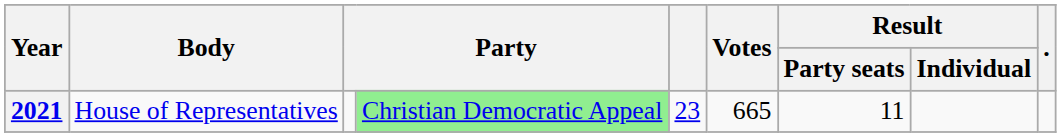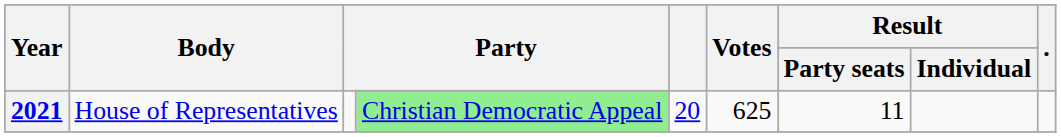 <table class="wikitable plainrowheaders sortable" border=2 cellpadding=4 cellspacing=0 style="border: 1px #aaa solid; font-size: 90%; text-align:center;">
 <tr>
 <th scope="col" rowspan=2>Year</th>
 <th scope="col" rowspan=2>Body</th>
 <th scope="col" colspan=2 rowspan=2>Party</th>
 <th scope="col" rowspan=2></th>
 <th scope="col" rowspan=2>Votes</th>
 <th scope="colgroup" colspan=2>Result</th>
 <th scope="col" rowspan=2 class="unsortable">.</th>
 </tr>
 <tr>
 <th scope="col">Party seats</th>
 <th scope="col">Individual</th>
 </tr>
 <tr>
 <th scope="row"><a href='#'>2021</a></th>
 <td><a href='#'>House of Representatives</a></td>
 <td style="background-color:"></td>
 <td style="background: lightgreen;"><a href='#'>Christian Democratic Appeal</a></td>
-<td style=text-align:right><a href='#'>23</a></td>
-<td style=text-align:right>665</td>
+<td style=text-align:right><a href='#'>20</a></td>
+<td style=text-align:right>625</td>
 <td style=text-align:right>11</td>
 <td></td>
 <td></td>
 </tr>
 </table>
